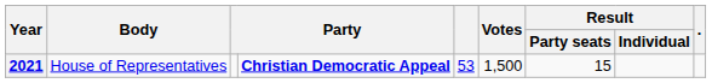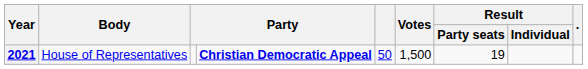 <table class="wikitable plainrowheaders sortable" border=2 cellpadding=4 cellspacing=0 style="border: 1px #aaa solid; font-size: 90%; text-align:center;">
 <tr>
 <th scope="col" rowspan=2>Year</th>
 <th scope="col" rowspan=2>Body</th>
 <th scope="col" colspan=2 rowspan=2>Party</th>
 <th scope="col" rowspan=2></th>
 <th scope="col" rowspan=2>Votes</th>
 <th scope="colgroup" colspan=2>Result</th>
 <th scope="col" rowspan=2 class="unsortable">.</th>
 </tr>
 <tr>
 <th scope="col">Party seats</th>
 <th scope="col">Individual</th>
 </tr>
 <tr>
 <th scope="row"><a href='#'>2021</a></th>
 <td><a href='#'>House of Representatives</a></td>
 <td style="background-color:"></td>
 <td><strong><a href='#'>Christian Democratic Appeal</a></strong></td>
-<td style=text-align:right><a href='#'>53</a></td>
+<td style=text-align:right><a href='#'>50</a></td>
 <td style=text-align:right>1,500</td>
-<td style=text-align:right>15</td>
+<td style=text-align:right>19</td>
 <td></td>
 <td></td>
 </tr>
 </table>
